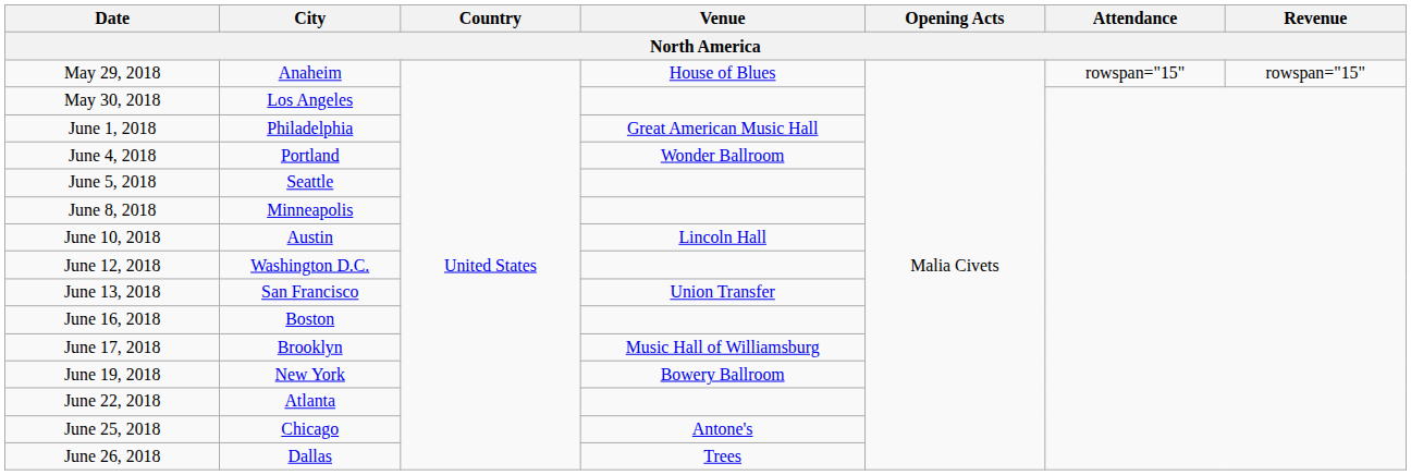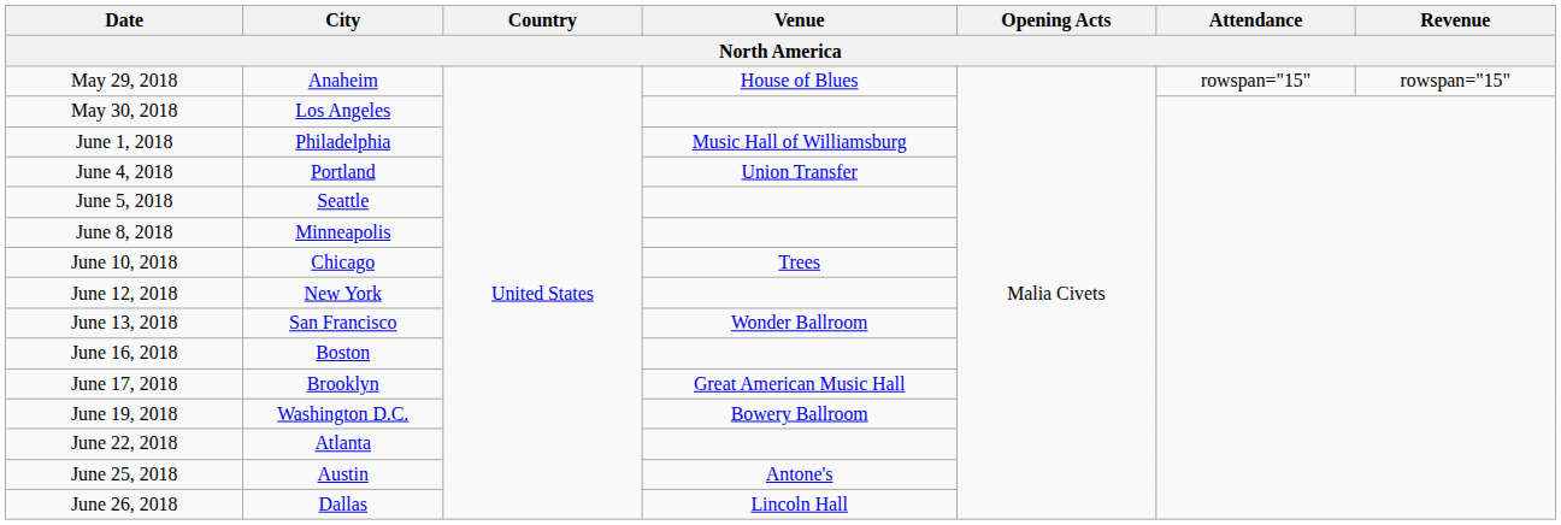 <table class="wikitable" style="text-align:center;">
 <tr>
 <th scope="col" style="width:12em;">Date</th>
 <th scope="col" style="width:10em;">City</th>
 <th scope="col" style="width:10em;">Country</th>
 <th scope="col" style="width:16em;">Venue</th>
 <th scope="col" style="width:10em;">Opening Acts</th>
 <th scope="col" style="width:10em;">Attendance</th>
 <th scope="col" style="width:10em;">Revenue</th>
 </tr>
 <tr>
 <th colspan="7">North America</th>
 </tr>
 <tr>
 <td>May 29, 2018</td>
 <td><a href='#'>Anaheim</a></td>
 <td rowspan="15"><a href='#'>United States</a></td>
 <td><a href='#'>House of Blues</a></td>
 <td rowspan="15">Malia Civets</td>
 <td>rowspan="15" </td>
 <td>rowspan="15" </td>
 </tr>
 <tr>
 <td>May 30, 2018</td>
 <td><a href='#'>Los Angeles</a></td>
 <td></td>
 </tr>
 <tr>
 <td>June 1, 2018</td>
 <td><a href='#'>Philadelphia</a></td>
-<td><a href='#'>Great American Music Hall</a></td>
+<td><a href='#'>Music Hall of Williamsburg</a></td>
 </tr>
 <tr>
 <td>June 4, 2018</td>
 <td><a href='#'>Portland</a></td>
-<td><a href='#'>Wonder Ballroom</a></td>
+<td><a href='#'>Union Transfer</a></td>
 </tr>
 <tr>
 <td>June 5, 2018</td>
 <td><a href='#'>Seattle</a></td>
 <td></td>
 </tr>
 <tr>
 <td>June 8, 2018</td>
 <td><a href='#'>Minneapolis</a></td>
 <td></td>
 </tr>
 <tr>
 <td>June 10, 2018</td>
-<td><a href='#'>Austin</a></td>
-<td><a href='#'>Lincoln Hall</a></td>
+<td><a href='#'>Chicago</a></td>
+<td><a href='#'>Trees</a></td>
 </tr>
 <tr>
 <td>June 12, 2018</td>
-<td><a href='#'>Washington D.C.</a></td>
+<td><a href='#'>New York</a></td>
 <td></td>
 </tr>
 <tr>
 <td>June 13, 2018</td>
 <td><a href='#'>San Francisco</a></td>
-<td><a href='#'>Union Transfer</a></td>
+<td><a href='#'>Wonder Ballroom</a></td>
 </tr>
 <tr>
 <td>June 16, 2018</td>
 <td><a href='#'>Boston</a></td>
 <td></td>
 </tr>
 <tr>
 <td>June 17, 2018</td>
 <td><a href='#'>Brooklyn</a></td>
-<td><a href='#'>Music Hall of Williamsburg</a></td>
+<td><a href='#'>Great American Music Hall</a></td>
 </tr>
 <tr>
 <td>June 19, 2018</td>
-<td><a href='#'>New York</a></td>
+<td><a href='#'>Washington D.C.</a></td>
 <td><a href='#'>Bowery Ballroom</a></td>
 </tr>
 <tr>
 <td>June 22, 2018</td>
 <td><a href='#'>Atlanta</a></td>
 <td></td>
 </tr>
 <tr>
 <td>June 25, 2018</td>
-<td><a href='#'>Chicago</a></td>
+<td><a href='#'>Austin</a></td>
 <td><a href='#'>Antone's</a></td>
 </tr>
 <tr>
 <td>June 26, 2018</td>
 <td><a href='#'>Dallas</a></td>
-<td><a href='#'>Trees</a></td>
+<td><a href='#'>Lincoln Hall</a></td>
 </tr>
 </table>
